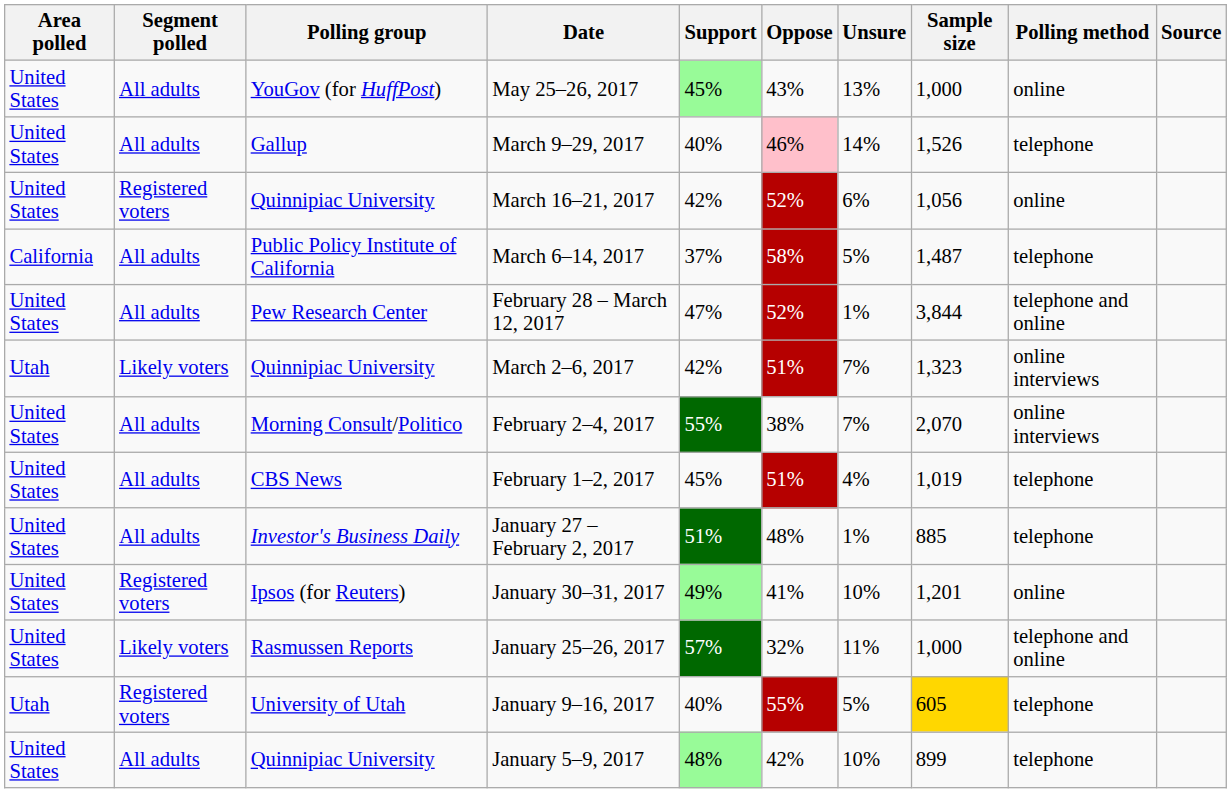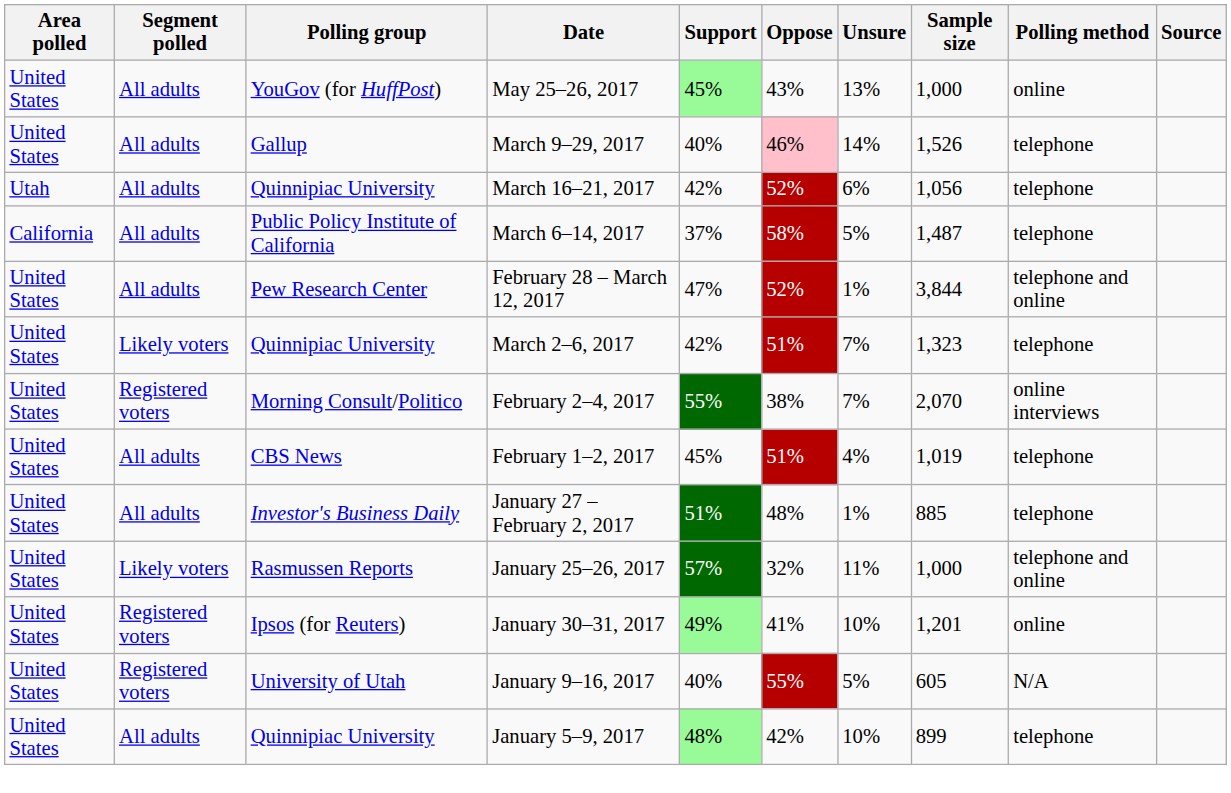 <table class="wikitable sortable" style="width: 75%;">
 <tr>
 <th>Area polled</th>
 <th>Segment polled</th>
 <th>Polling group</th>
 <th>Date</th>
 <th>Support</th>
 <th>Oppose</th>
 <th>Unsure</th>
 <th>Sample size</th>
 <th>Polling method</th>
 <th>Source</th>
 </tr>
 <tr>
 <td> <a href='#'>United States</a></td>
 <td><a href='#'>All adults</a></td>
 <td><a href='#'>YouGov</a> (for <em><a href='#'>HuffPost</a></em>)</td>
 <td>May 25–26, 2017</td>
 <td style="background: PaleGreen; color: black">45%</td>
 <td>43%</td>
 <td>13%</td>
 <td>1,000</td>
 <td>online</td>
 <td></td>
 </tr>
 <tr>
 <td> <a href='#'>United States</a></td>
 <td><a href='#'>All adults</a></td>
 <td><a href='#'>Gallup</a></td>
 <td>March 9–29, 2017</td>
 <td>40%</td>
 <td style="background: pink; color: black">46%</td>
 <td>14%</td>
 <td>1,526</td>
 <td>telephone</td>
 <td></td>
 </tr>
 <tr>
-<td> <a href='#'>United States</a></td>
-<td><a href='#'>Registered voters</a></td>
+<td> <a href='#'>Utah</a></td>
+<td><a href='#'>All adults</a></td>
 <td><a href='#'>Quinnipiac University</a></td>
 <td>March 16–21, 2017</td>
 <td>42%</td>
 <td style="background:#B60000; color: white">52%</td>
 <td>6%</td>
 <td>1,056</td>
-<td>online</td>
+<td>telephone</td>
 <td></td>
 </tr>
 <tr>
 <td> <a href='#'>California</a></td>
 <td><a href='#'>All adults</a></td>
 <td><a href='#'>Public Policy Institute of California</a></td>
 <td>March 6–14, 2017</td>
 <td>37%</td>
 <td style="background:#B60000; color: white">58%</td>
 <td>5%</td>
 <td>1,487</td>
 <td>telephone</td>
 <td></td>
 </tr>
 <tr>
 <td> <a href='#'>United States</a></td>
 <td><a href='#'>All adults</a></td>
 <td><a href='#'>Pew Research Center</a></td>
 <td>February 28 – March 12, 2017</td>
 <td>47%</td>
 <td style="background:#B60000; color: white">52%</td>
 <td>1%</td>
 <td>3,844</td>
 <td>telephone and online</td>
 <td></td>
 </tr>
 <tr>
-<td> <a href='#'>Utah</a></td>
+<td> <a href='#'>United States</a></td>
 <td><a href='#'>Likely voters</a></td>
 <td><a href='#'>Quinnipiac University</a></td>
 <td>March 2–6, 2017</td>
 <td>42%</td>
 <td style="background:#B60000; color: white">51%</td>
 <td>7%</td>
 <td>1,323</td>
-<td>online interviews</td>
+<td>telephone</td>
 <td></td>
 </tr>
 <tr>
 <td> <a href='#'>United States</a></td>
-<td><a href='#'>All adults</a></td>
+<td><a href='#'>Registered voters</a></td>
 <td><a href='#'>Morning Consult</a>/<a href='#'>Politico</a></td>
 <td>February 2–4, 2017</td>
 <td style="background:#006800; color: white">55%</td>
 <td>38%</td>
 <td>7%</td>
 <td>2,070</td>
 <td>online interviews</td>
 <td></td>
 </tr>
 <tr>
 <td> <a href='#'>United States</a></td>
 <td><a href='#'>All adults</a></td>
 <td><a href='#'>CBS News</a></td>
 <td>February 1–2, 2017</td>
 <td>45%</td>
 <td style="background:#B60000; color: white">51%</td>
 <td>4%</td>
 <td>1,019</td>
 <td>telephone</td>
 <td></td>
 </tr>
 <tr>
 <td> <a href='#'>United States</a></td>
 <td><a href='#'>All adults</a></td>
 <td><em><a href='#'>Investor's Business Daily</a></em></td>
 <td>January 27 – February 2, 2017</td>
 <td style="background:#006800; color: white">51%</td>
 <td>48%</td>
 <td>1%</td>
 <td>885</td>
 <td>telephone</td>
 <td></td>
 </tr>
 <tr>
 <td> <a href='#'>United States</a></td>
+<td><a href='#'>Likely voters</a></td>
+<td><a href='#'>Rasmussen Reports</a></td>
+<td>January 25–26, 2017</td>
+<td style="background:#006800; color: white">57%</td>
+<td>32%</td>
+<td>11%</td>
+<td>1,000</td>
+<td>telephone and online</td>
+<td></td>
+</tr>
+<tr>
+<td> <a href='#'>United States</a></td>
 <td><a href='#'>Registered voters</a></td>
 <td><a href='#'>Ipsos</a> (for <a href='#'>Reuters</a>)</td>
 <td>January 30–31, 2017</td>
 <td style="background: PaleGreen; color: black">49%</td>
 <td>41%</td>
 <td>10%</td>
 <td>1,201</td>
 <td>online</td>
 <td></td>
 </tr>
 <tr>
 <td> <a href='#'>United States</a></td>
-<td><a href='#'>Likely voters</a></td>
-<td><a href='#'>Rasmussen Reports</a></td>
-<td>January 25–26, 2017</td>
-<td style="background:#006800; color: white">57%</td>
-<td>32%</td>
-<td>11%</td>
-<td>1,000</td>
-<td>telephone and online</td>
-<td></td>
-</tr>
-<tr>
-<td> <a href='#'>Utah</a></td>
 <td><a href='#'>Registered voters</a></td>
 <td><a href='#'>University of Utah</a></td>
 <td>January 9–16, 2017</td>
 <td>40%</td>
 <td style="background:#B60000; color: white">55%</td>
 <td>5%</td>
-<td style="background: gold;">605</td>
-<td>telephone</td>
+<td>605</td>
+<td>N/A</td>
 <td></td>
 </tr>
 <tr>
 <td> <a href='#'>United States</a></td>
 <td><a href='#'>All adults</a></td>
 <td><a href='#'>Quinnipiac University</a></td>
 <td>January 5–9, 2017</td>
 <td style="background: PaleGreen; color: black">48%</td>
 <td>42%</td>
 <td>10%</td>
 <td>899</td>
 <td>telephone</td>
 <td></td>
 </tr>
 </table>
